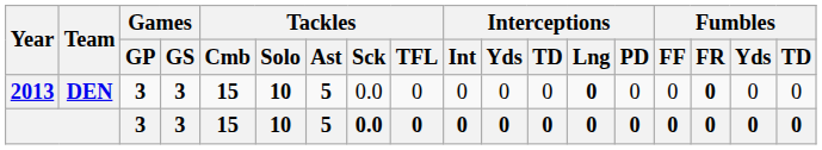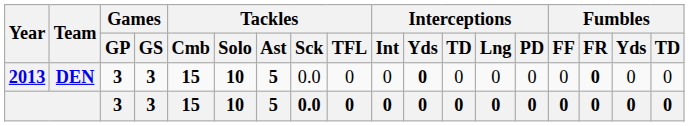 <table class="wikitable" style="text-align:center">
 <tr>
 <th rowspan="2">Year</th>
 <th rowspan="2">Team</th>
 <th colspan="2">Games</th>
 <th colspan="5">Tackles</th>
 <th colspan="5">Interceptions</th>
 <th colspan="4">Fumbles</th>
 </tr>
 <tr>
 <th>GP</th>
 <th>GS</th>
 <th>Cmb</th>
 <th>Solo</th>
 <th>Ast</th>
 <th>Sck</th>
 <th>TFL</th>
 <th>Int</th>
 <th>Yds</th>
 <th>TD</th>
 <th>Lng</th>
 <th>PD</th>
 <th>FF</th>
 <th>FR</th>
 <th>Yds</th>
 <th>TD</th>
 </tr>
 <tr>
 <th><a href='#'>2013</a></th>
 <th><a href='#'>DEN</a></th>
 <td><strong>3</strong></td>
 <td><strong>3</strong></td>
 <td><strong>15</strong></td>
 <td><strong>10</strong></td>
 <td><strong>5</strong></td>
 <td>0.0</td>
 <td>0</td>
 <td>0</td>
+<td><strong>0</strong></td>
 <td>0</td>
 <td>0</td>
-<td><strong>0</strong></td>
 <td>0</td>
 <td>0</td>
 <td><strong>0</strong></td>
 <td>0</td>
 <td>0</td>
 </tr>
 <tr>
 <th colspan="2"></th>
 <th>3</th>
 <th>3</th>
 <th>15</th>
 <th>10</th>
 <th>5</th>
 <th>0.0</th>
 <th>0</th>
 <th>0</th>
 <th>0</th>
 <th>0</th>
 <th>0</th>
 <th>0</th>
 <th>0</th>
 <th>0</th>
 <th>0</th>
 <th>0</th>
 </tr>
 </table>
